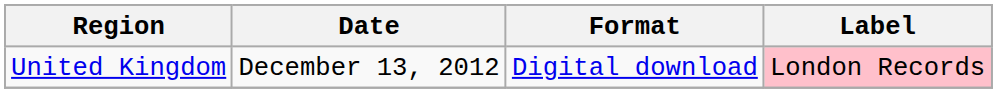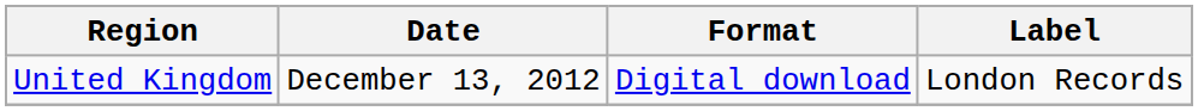 <table class=wikitable>
 <tr>
 <th>Region</th>
 <th>Date</th>
 <th>Format</th>
 <th>Label</th>
 </tr>
 <tr>
 <td><a href='#'>United Kingdom</a></td>
 <td>December 13, 2012</td>
 <td><a href='#'>Digital download</a></td>
-<td style="background: pink;">London Records</td>
+<td>London Records</td>
 </tr>
 <tr>
 </tr>
 </table>
